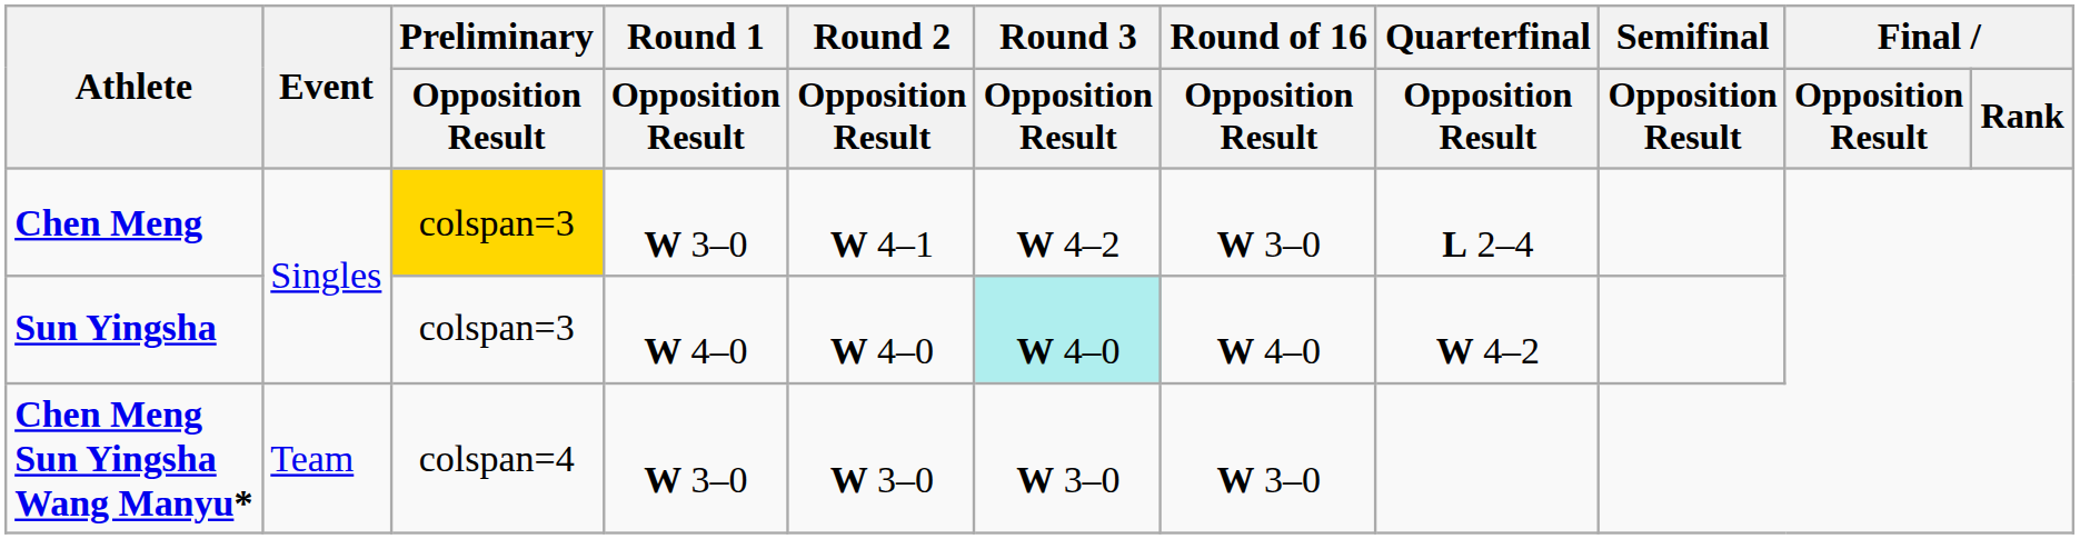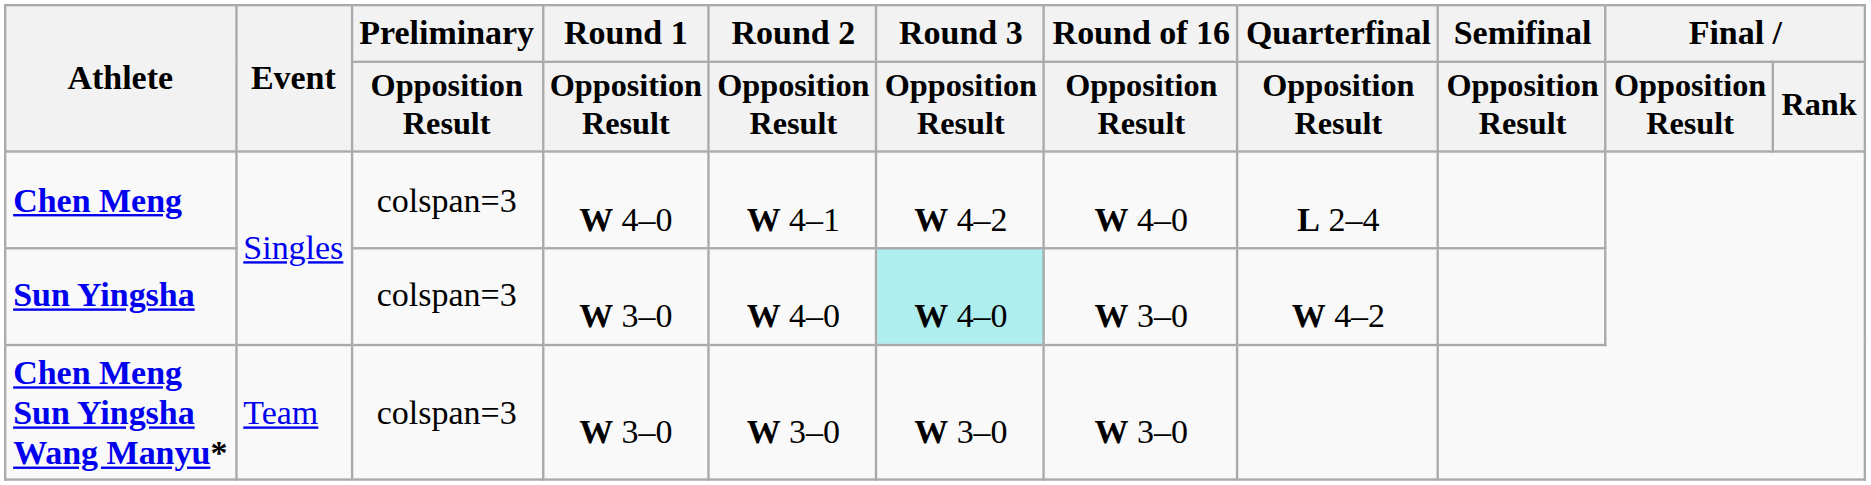 <table class="wikitable" style="font-size:90%;">
 <tr>
 <th rowspan=2>Athlete</th>
 <th rowspan=2>Event</th>
 <th>Preliminary</th>
 <th>Round 1</th>
 <th>Round 2</th>
 <th>Round 3</th>
 <th>Round of 16</th>
 <th>Quarterfinal</th>
 <th>Semifinal</th>
 <th colspan=2>Final / </th>
 </tr>
 <tr style="font-size:95%">
 <th>Opposition<br>Result</th>
 <th>Opposition<br>Result</th>
 <th>Opposition<br>Result</th>
 <th>Opposition<br>Result</th>
 <th>Opposition<br>Result</th>
 <th>Opposition<br>Result</th>
 <th>Opposition<br>Result</th>
 <th>Opposition<br>Result</th>
 <th>Rank</th>
 </tr>
 <tr align=center>
 <td align=left><strong><a href='#'>Chen Meng</a></strong></td>
 <td align=left rowspan=2><a href='#'>Singles</a></td>
-<td style="background: gold;">colspan=3 </td>
-<td><br> <strong>W</strong> 3–0</td>
+<td>colspan=3 </td>
+<td><br> <strong>W</strong> 4–0</td>
 <td><br> <strong>W</strong> 4–1</td>
 <td><br> <strong>W</strong> 4–2</td>
-<td><br> <strong>W</strong> 3–0</td>
+<td><br> <strong>W</strong> 4–0</td>
 <td><br> <strong>L</strong> 2–4</td>
 <td></td>
 </tr>
 <tr align=center>
 <td align=left><strong><a href='#'>Sun Yingsha</a></strong></td>
 <td>colspan=3 </td>
-<td><br> <strong>W</strong> 4–0</td>
+<td><br> <strong>W</strong> 3–0</td>
 <td><br> <strong>W</strong> 4–0</td>
 <td style="background: paleturquoise;"><br> <strong>W</strong> 4–0</td>
-<td><br> <strong>W</strong> 4–0</td>
+<td><br> <strong>W</strong> 3–0</td>
 <td><br> <strong>W</strong> 4–2</td>
 <td></td>
 </tr>
 <tr align=center>
 <td align=left><strong><a href='#'>Chen Meng</a><br><a href='#'>Sun Yingsha</a><br><a href='#'>Wang Manyu</a>*</strong></td>
 <td align=left><a href='#'>Team</a></td>
-<td>colspan=4 </td>
+<td>colspan=3 </td>
 <td><br> <strong>W</strong> 3–0</td>
 <td><br> <strong>W</strong> 3–0</td>
 <td><br> <strong>W</strong> 3–0</td>
 <td><br> <strong>W</strong> 3–0</td>
 <td></td>
 </tr>
 </table>
